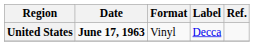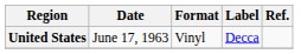 <table class="wikitable plainrowheaders">
 <tr>
 <th scope="col">Region</th>
 <th scope="col">Date</th>
 <th scope="col">Format</th>
 <th scope="col">Label</th>
 <th scope="col">Ref.</th>
 </tr>
 <tr>
 <th scope="row">United States</th>
-<td><strong>June 17, 1963</strong></td>
+<td>June 17, 1963</td>
 <td>Vinyl</td>
 <td><a href='#'>Decca</a></td>
 <td></td>
 </tr>
 <tr>
 </tr>
 </table>
